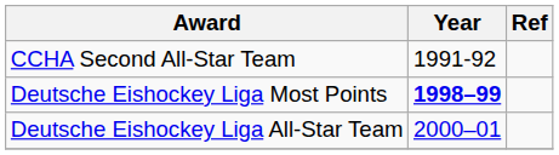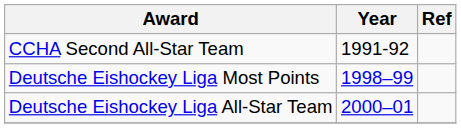 <table class="wikitable">
 <tr>
 <th>Award</th>
 <th>Year</th>
 <th>Ref</th>
 </tr>
 <tr>
 <td><a href='#'>CCHA</a> Second All-Star Team</td>
 <td>1991-92</td>
 <td></td>
 </tr>
 <tr>
 <td><a href='#'>Deutsche Eishockey Liga</a> Most Points</td>
-<td><strong><a href='#'>1998–99</a></strong></td>
+<td><a href='#'>1998–99</a></td>
 <td></td>
 </tr>
 <tr>
 <td><a href='#'>Deutsche Eishockey Liga</a> All-Star Team</td>
 <td><a href='#'>2000–01</a></td>
 <td></td>
 </tr>
 <tr>
 </tr>
 </table>
